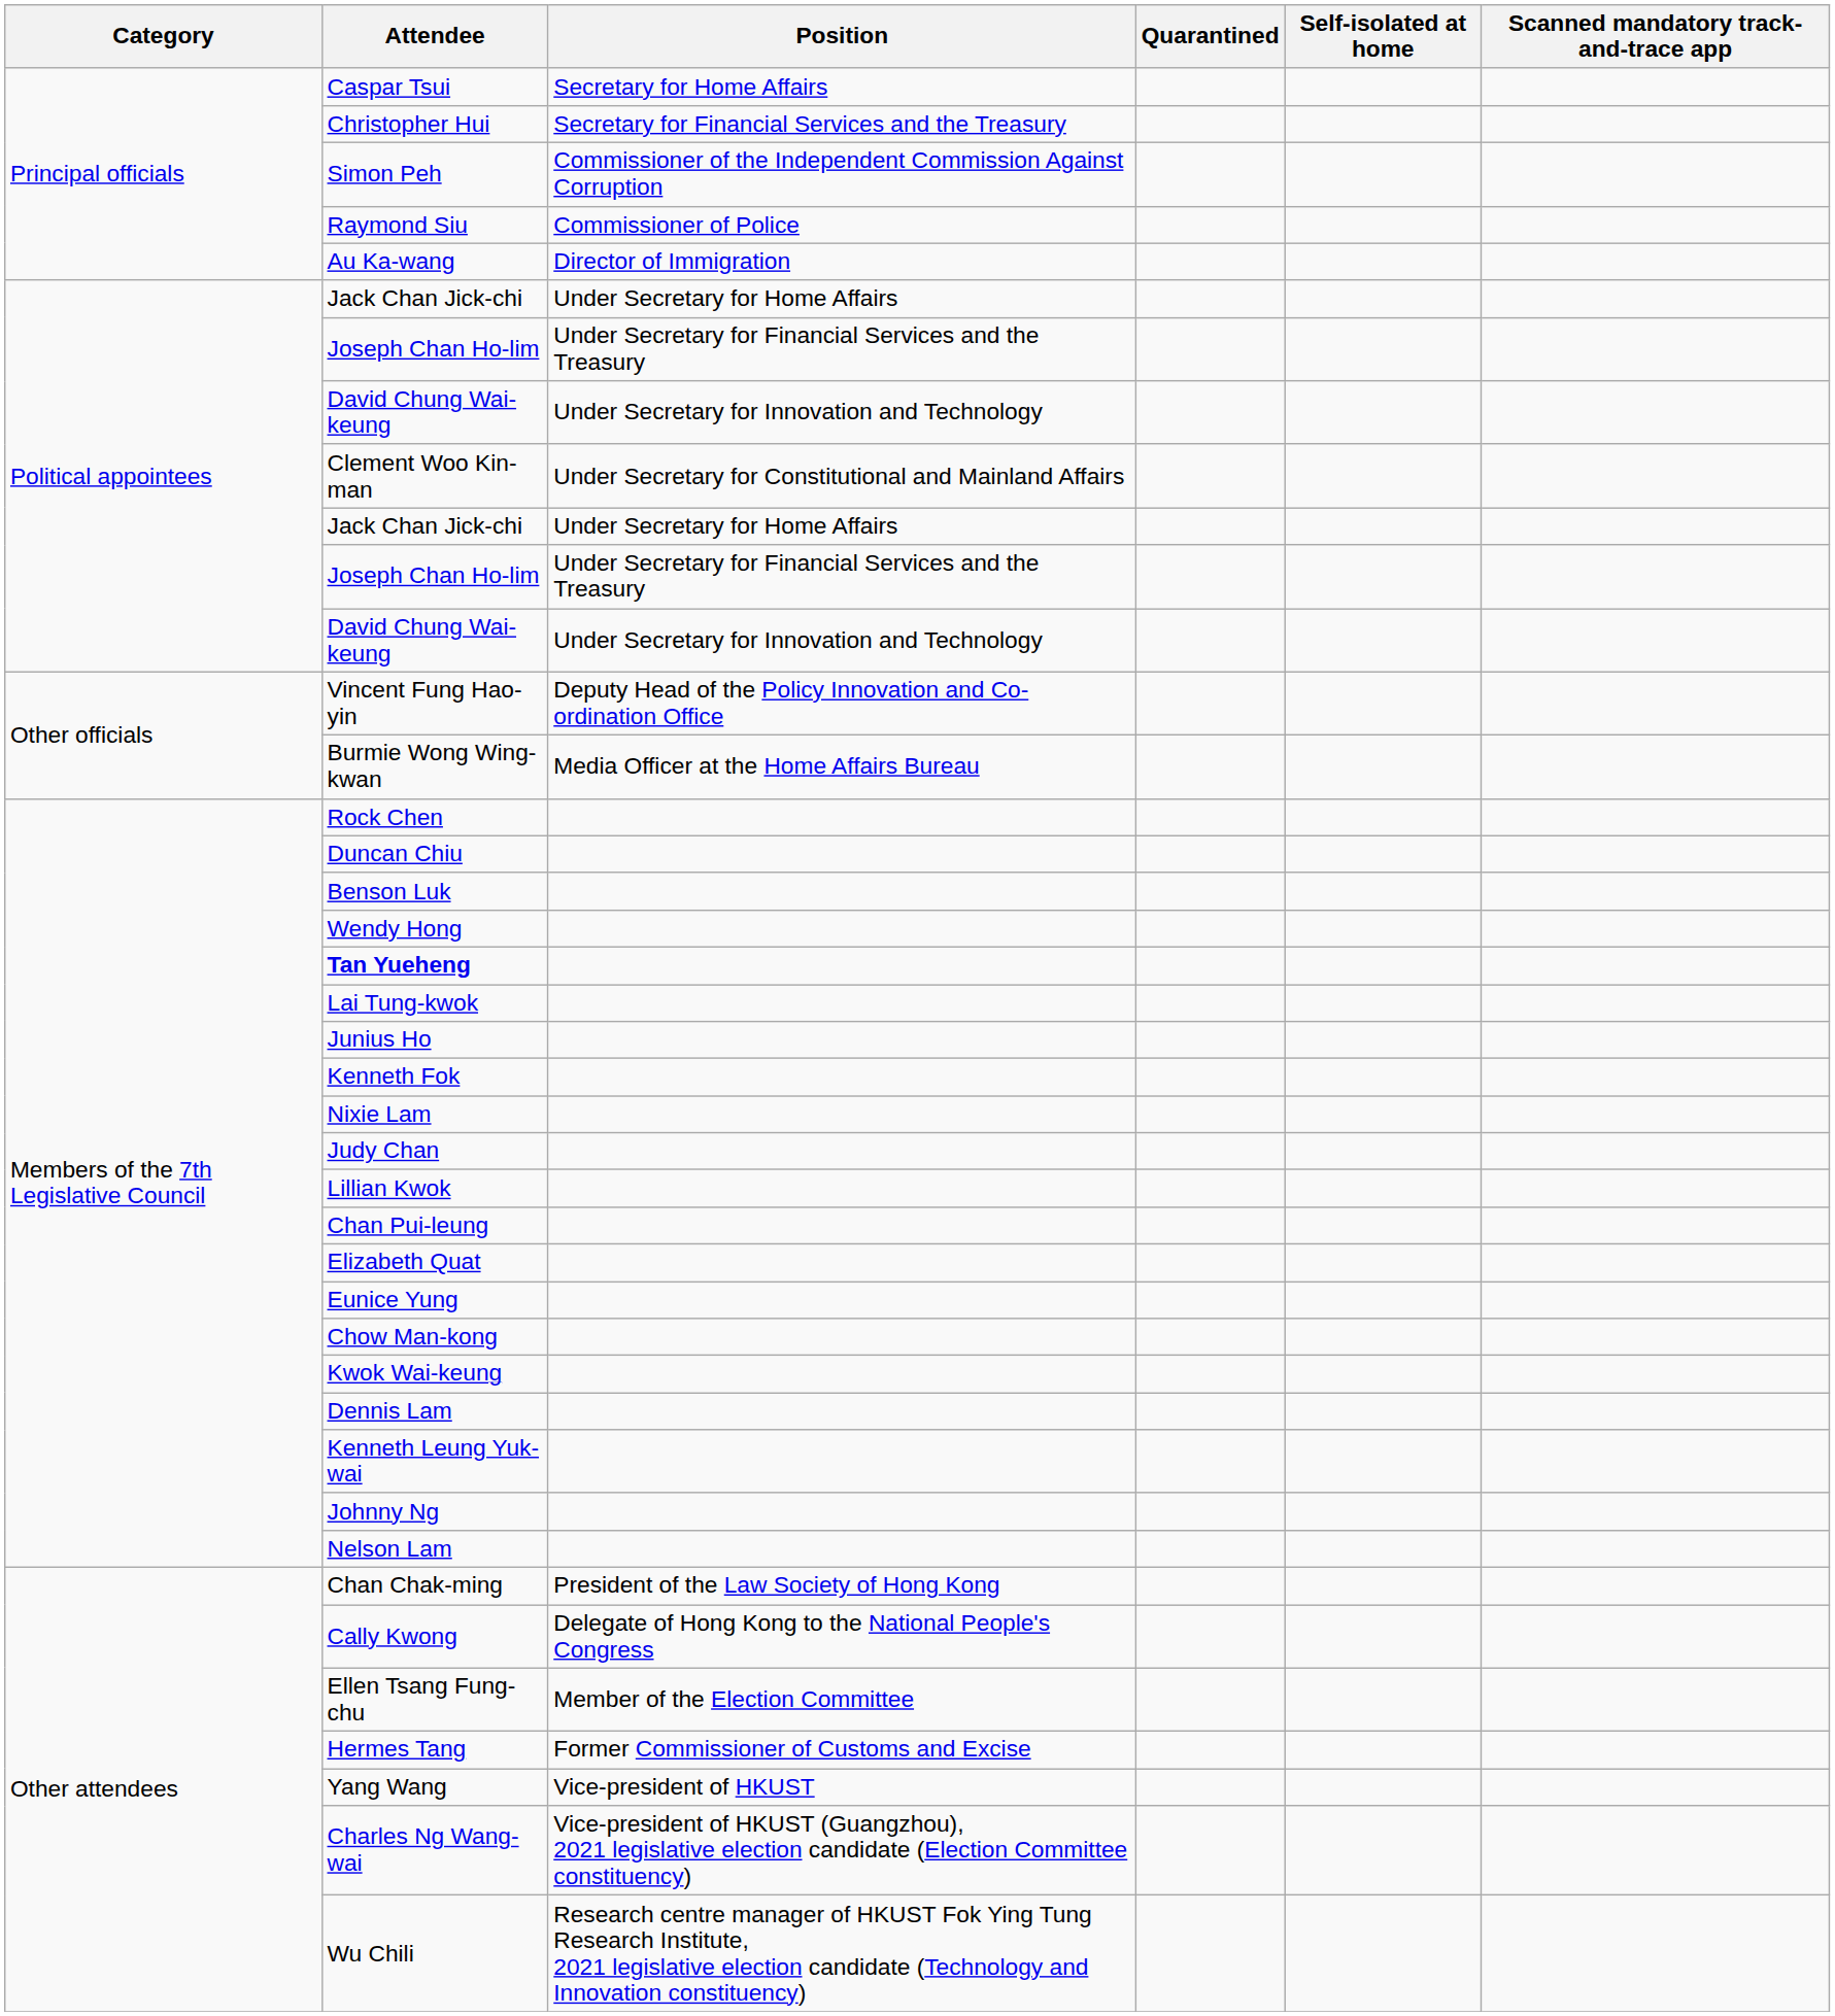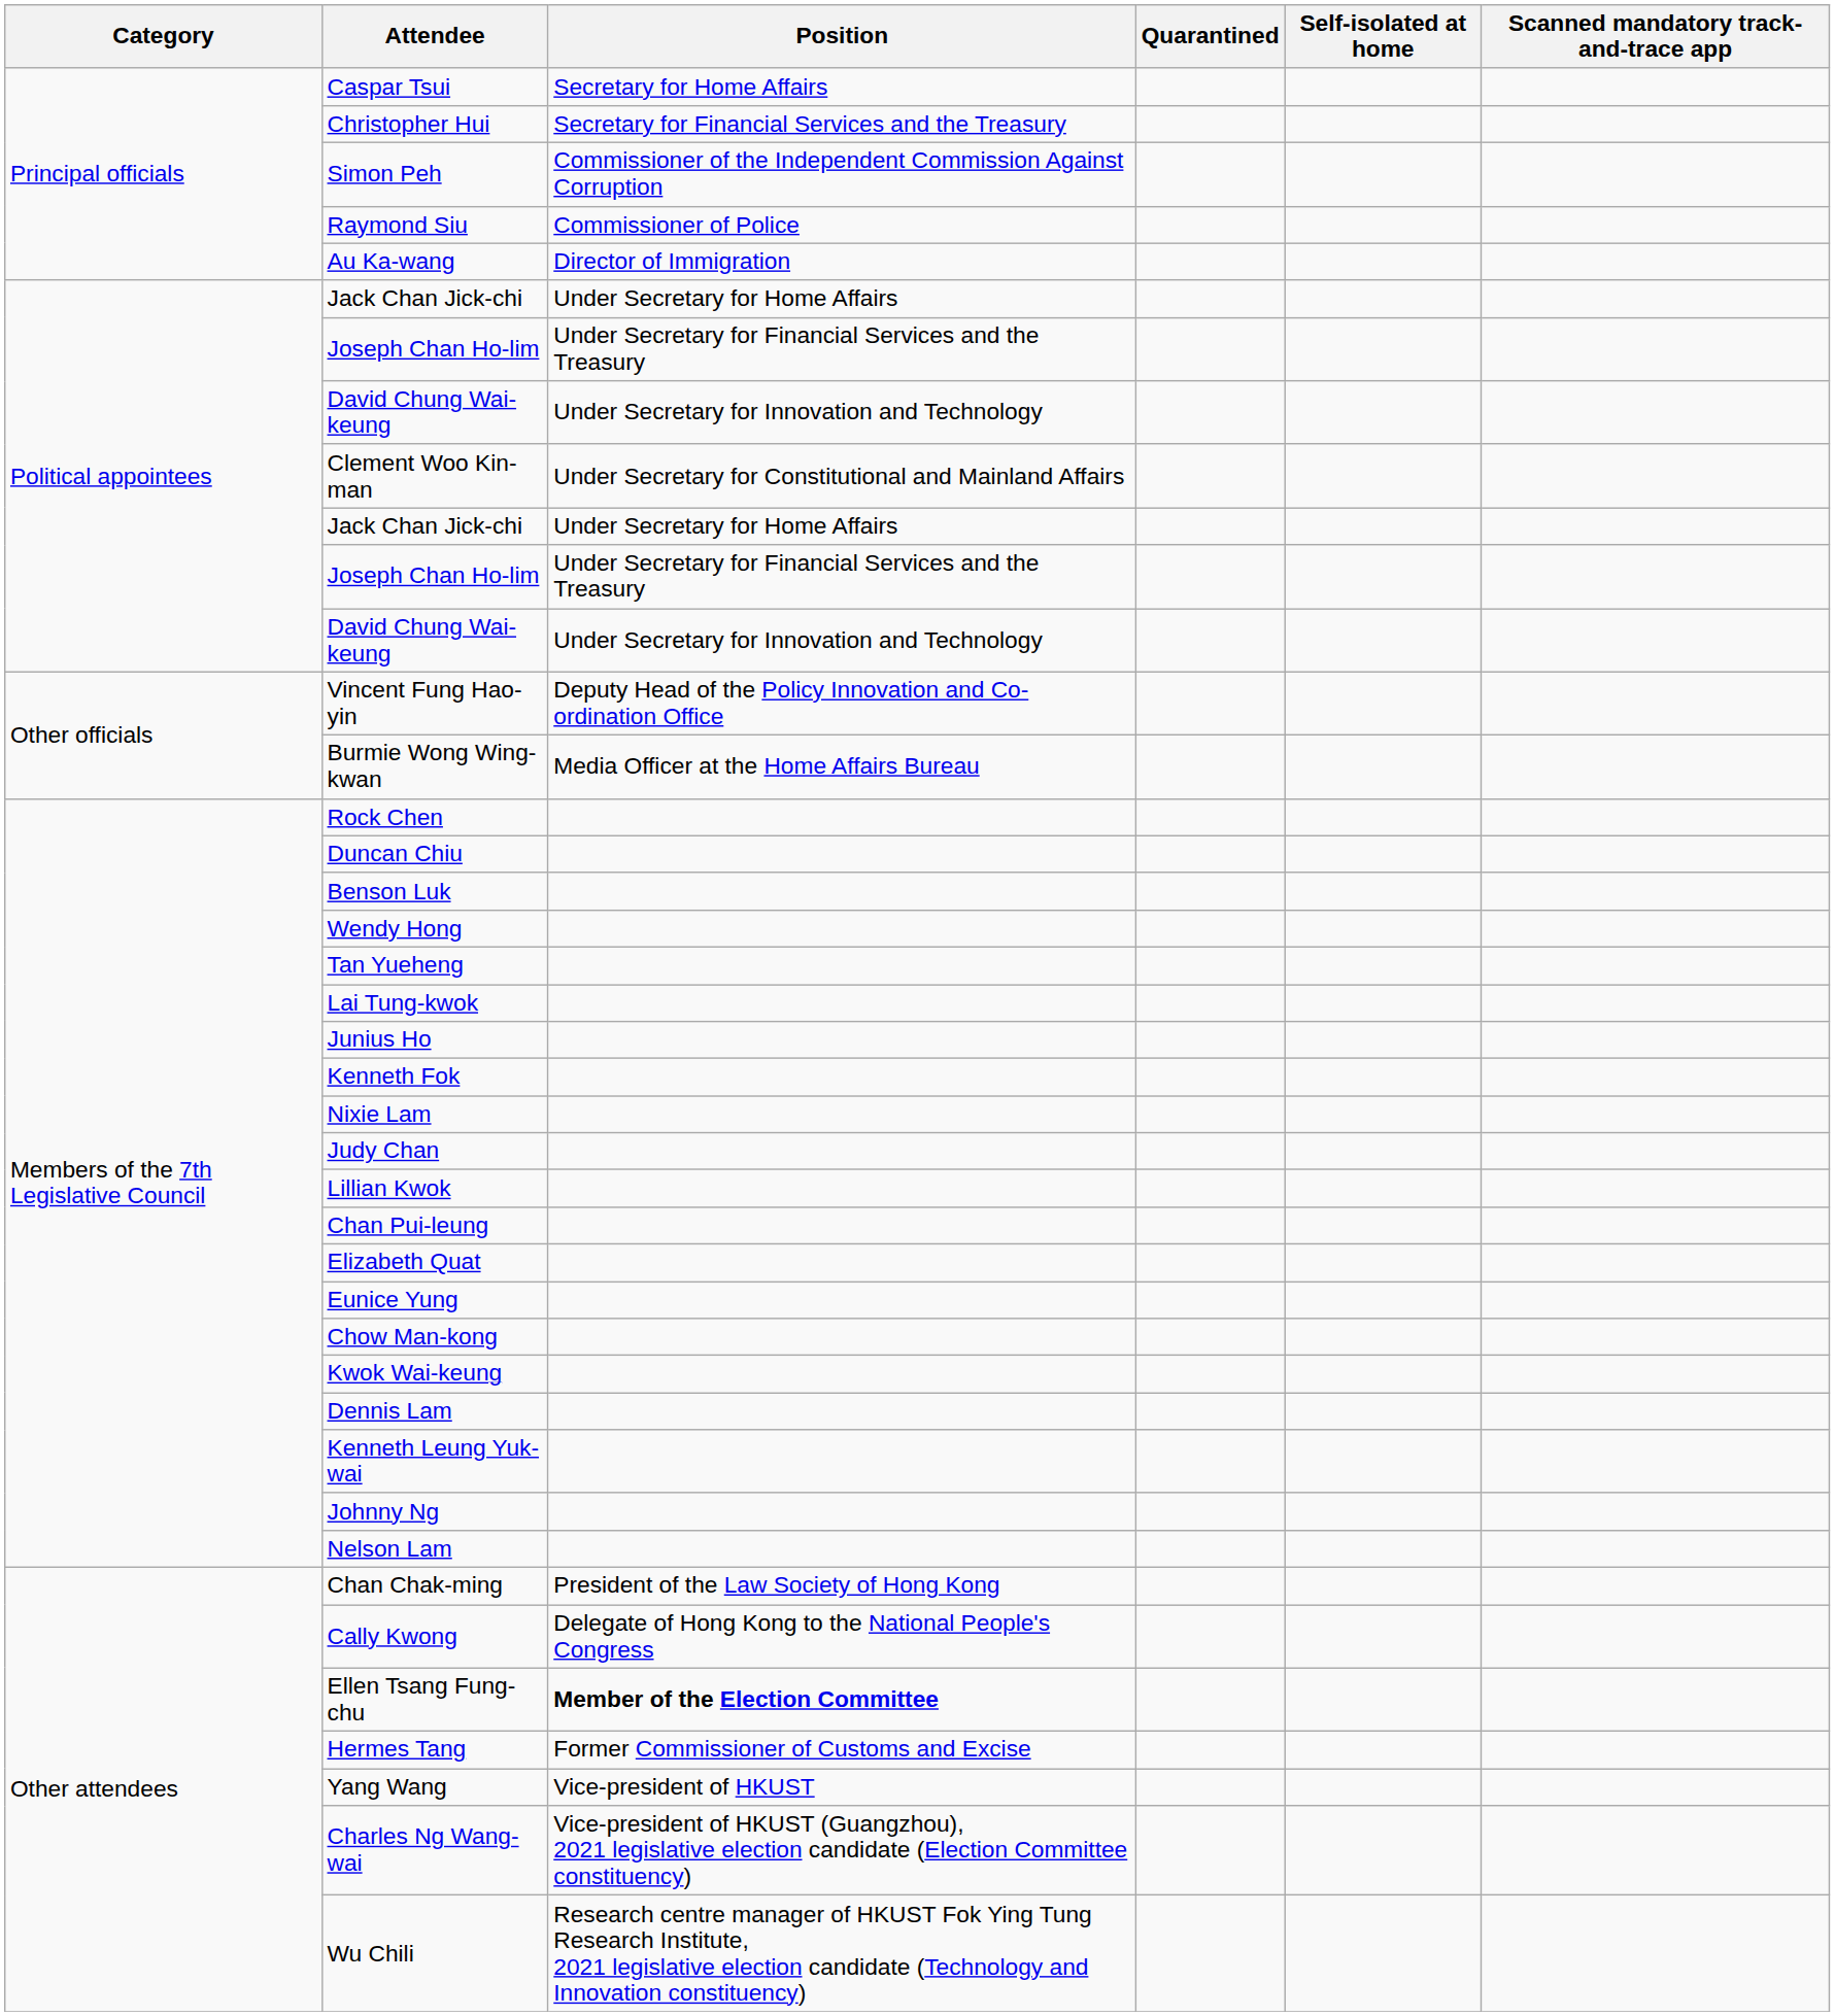 <table class="wikitable sortable">
 <tr>
 <th>Category</th>
 <th>Attendee</th>
 <th>Position</th>
 <th>Quarantined</th>
 <th>Self-isolated at home</th>
 <th>Scanned mandatory track-and-trace app</th>
 </tr>
 <tr>
 <td rowspan="5"><a href='#'>Principal officials</a></td>
 <td><a href='#'>Caspar Tsui</a></td>
 <td><a href='#'>Secretary for Home Affairs</a></td>
 <td></td>
 <td></td>
 <td></td>
 </tr>
 <tr>
 <td><a href='#'>Christopher Hui</a></td>
 <td><a href='#'>Secretary for Financial Services and the Treasury</a></td>
 <td></td>
 <td></td>
 <td></td>
 </tr>
 <tr>
 <td><a href='#'>Simon Peh</a></td>
 <td><a href='#'>Commissioner of the Independent Commission Against Corruption</a></td>
 <td></td>
 <td></td>
 <td></td>
 </tr>
 <tr>
 <td><a href='#'>Raymond Siu</a></td>
 <td><a href='#'>Commissioner of Police</a></td>
 <td></td>
 <td></td>
 <td></td>
 </tr>
 <tr>
 <td><a href='#'>Au Ka-wang</a></td>
 <td><a href='#'>Director of Immigration</a></td>
 <td></td>
 <td></td>
 <td></td>
 </tr>
 <tr>
 <td rowspan="7"><a href='#'>Political appointees</a></td>
 <td>Jack Chan Jick-chi</td>
 <td>Under Secretary for Home Affairs</td>
 <td></td>
 <td></td>
 <td></td>
 </tr>
 <tr>
 <td><a href='#'>Joseph Chan Ho-lim</a></td>
 <td>Under Secretary for Financial Services and the Treasury</td>
 <td></td>
 <td></td>
 <td></td>
 </tr>
 <tr>
 <td><a href='#'>David Chung Wai-keung</a></td>
 <td>Under Secretary for Innovation and Technology</td>
 <td></td>
 <td></td>
 <td></td>
 </tr>
 <tr>
 <td>Clement Woo Kin-man</td>
 <td>Under Secretary for Constitutional and Mainland Affairs</td>
 <td></td>
 <td></td>
 <td></td>
 </tr>
 <tr>
 <td>Jack Chan Jick-chi</td>
 <td>Under Secretary for Home Affairs</td>
 <td></td>
 <td></td>
 <td></td>
 </tr>
 <tr>
 <td><a href='#'>Joseph Chan Ho-lim</a></td>
 <td>Under Secretary for Financial Services and the Treasury</td>
 <td></td>
 <td></td>
 <td></td>
 </tr>
 <tr>
 <td><a href='#'>David Chung Wai-keung</a></td>
 <td>Under Secretary for Innovation and Technology</td>
 <td></td>
 <td></td>
 <td></td>
 </tr>
 <tr>
 <td rowspan="2">Other officials</td>
 <td>Vincent Fung Hao-yin<br></td>
 <td>Deputy Head of the <a href='#'>Policy Innovation and Co-ordination Office</a></td>
 <td></td>
 <td></td>
 <td></td>
 </tr>
 <tr>
 <td>Burmie Wong Wing-kwan</td>
 <td>Media Officer at the <a href='#'>Home Affairs Bureau</a></td>
 <td></td>
 <td></td>
 <td></td>
 </tr>
 <tr>
 <td rowspan="20">Members of the <a href='#'>7th Legislative Council</a></td>
 <td><a href='#'>Rock Chen</a></td>
 <td></td>
 <td></td>
 <td></td>
 <td></td>
 </tr>
 <tr>
 <td><a href='#'>Duncan Chiu</a></td>
 <td></td>
 <td></td>
 <td></td>
 <td></td>
 </tr>
 <tr>
 <td><a href='#'>Benson Luk</a></td>
 <td></td>
 <td></td>
 <td></td>
 <td></td>
 </tr>
 <tr>
 <td><a href='#'>Wendy Hong</a></td>
 <td></td>
 <td></td>
 <td></td>
 <td></td>
 </tr>
 <tr>
-<td><strong><a href='#'>Tan Yueheng</a></strong></td>
+<td><a href='#'>Tan Yueheng</a></td>
 <td></td>
 <td></td>
 <td></td>
 <td></td>
 </tr>
 <tr>
 <td><a href='#'>Lai Tung-kwok</a></td>
 <td></td>
 <td></td>
 <td></td>
 <td></td>
 </tr>
 <tr>
 <td><a href='#'>Junius Ho</a></td>
 <td></td>
 <td></td>
 <td></td>
 <td></td>
 </tr>
 <tr>
 <td><a href='#'>Kenneth Fok</a></td>
 <td></td>
 <td></td>
 <td></td>
 <td></td>
 </tr>
 <tr>
 <td><a href='#'>Nixie Lam</a></td>
 <td></td>
 <td></td>
 <td></td>
 <td></td>
 </tr>
 <tr>
 <td><a href='#'>Judy Chan</a></td>
 <td></td>
 <td></td>
 <td></td>
 <td></td>
 </tr>
 <tr>
 <td><a href='#'>Lillian Kwok</a></td>
 <td></td>
 <td></td>
 <td></td>
 <td></td>
 </tr>
 <tr>
 <td><a href='#'>Chan Pui-leung</a></td>
 <td></td>
 <td></td>
 <td></td>
 <td></td>
 </tr>
 <tr>
 <td><a href='#'>Elizabeth Quat</a></td>
 <td></td>
 <td></td>
 <td></td>
 <td></td>
 </tr>
 <tr>
 <td><a href='#'>Eunice Yung</a></td>
 <td></td>
 <td></td>
 <td></td>
 <td></td>
 </tr>
 <tr>
 <td><a href='#'>Chow Man-kong</a></td>
 <td></td>
 <td></td>
 <td></td>
 <td></td>
 </tr>
 <tr>
 <td><a href='#'>Kwok Wai-keung</a></td>
 <td></td>
 <td></td>
 <td></td>
 <td></td>
 </tr>
 <tr>
 <td><a href='#'>Dennis Lam</a></td>
 <td></td>
 <td></td>
 <td></td>
 <td></td>
 </tr>
 <tr>
 <td><a href='#'>Kenneth Leung Yuk-wai</a></td>
 <td></td>
 <td></td>
 <td></td>
 <td></td>
 </tr>
 <tr>
 <td><a href='#'>Johnny Ng</a></td>
 <td></td>
 <td></td>
 <td></td>
 <td></td>
 </tr>
 <tr>
 <td><a href='#'>Nelson Lam</a></td>
 <td></td>
 <td></td>
 <td></td>
 <td></td>
 </tr>
 <tr>
 <td rowspan="7">Other attendees</td>
 <td>Chan Chak-ming</td>
 <td>President of the <a href='#'>Law Society of Hong Kong</a></td>
 <td></td>
 <td></td>
 <td></td>
 </tr>
 <tr>
 <td><a href='#'>Cally Kwong</a></td>
 <td>Delegate of Hong Kong to the <a href='#'>National People's Congress</a></td>
 <td></td>
 <td></td>
 <td></td>
 </tr>
 <tr>
 <td>Ellen Tsang Fung-chu</td>
-<td>Member of the <a href='#'>Election Committee</a></td>
+<td><strong>Member of the <a href='#'>Election Committee</a></strong></td>
 <td></td>
 <td></td>
 <td></td>
 </tr>
 <tr>
 <td><a href='#'>Hermes Tang</a></td>
 <td>Former <a href='#'>Commissioner of Customs and Excise</a></td>
 <td></td>
 <td></td>
 <td></td>
 </tr>
 <tr>
 <td>Yang Wang</td>
 <td>Vice-president of <a href='#'>HKUST</a></td>
 <td></td>
 <td></td>
 <td></td>
 </tr>
 <tr>
 <td><a href='#'>Charles Ng Wang-wai</a></td>
 <td>Vice-president of HKUST (Guangzhou),<br><a href='#'>2021 legislative election</a> candidate (<a href='#'>Election Committee constituency</a>)</td>
 <td></td>
 <td></td>
 <td></td>
 </tr>
 <tr>
 <td>Wu Chili</td>
 <td>Research centre manager of HKUST Fok Ying Tung Research Institute,<br><a href='#'>2021 legislative election</a> candidate (<a href='#'>Technology and Innovation constituency</a>)</td>
 <td></td>
 <td></td>
 <td></td>
 </tr>
 </table>
